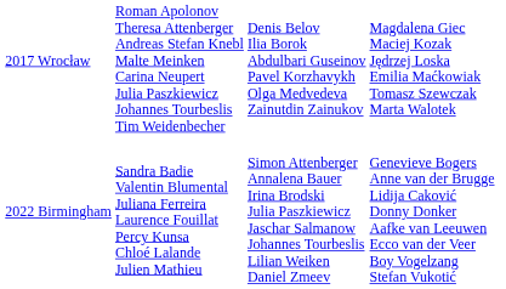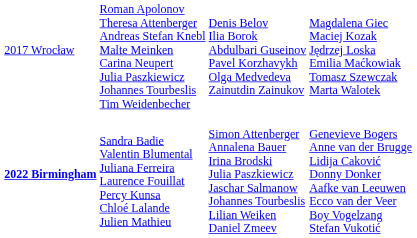 <table>
 <tr>
 <td><a href='#'>2017 Wrocław</a></td>
 <td><br><a href='#'>Roman Apolonov</a><br><a href='#'>Theresa Attenberger</a><br><a href='#'>Andreas Stefan Knebl</a><br><a href='#'>Malte Meinken</a><br><a href='#'>Carina Neupert</a><br><a href='#'>Julia Paszkiewicz</a><br><a href='#'>Johannes Tourbeslis</a><br><a href='#'>Tim Weidenbecher</a></td>
 <td><br><a href='#'>Denis Belov</a><br><a href='#'>Ilia Borok</a><br><a href='#'>Abdulbari Guseinov</a><br><a href='#'>Pavel Korzhavykh</a><br><a href='#'>Olga Medvedeva</a><br><a href='#'>Zainutdin Zainukov</a></td>
 <td><br><a href='#'>Magdalena Giec</a><br><a href='#'>Maciej Kozak</a><br><a href='#'>Jędrzej Loska</a><br><a href='#'>Emilia Maćkowiak</a><br><a href='#'>Tomasz Szewczak</a><br><a href='#'>Marta Walotek</a></td>
 </tr>
 <tr>
-<td><a href='#'>2022 Birmingham</a></td>
+<td><strong><a href='#'>2022 Birmingham</a></strong></td>
 <td><br><a href='#'>Sandra Badie</a><br><a href='#'>Valentin Blumental</a><br><a href='#'>Juliana Ferreira</a><br><a href='#'>Laurence Fouillat</a><br><a href='#'>Percy Kunsa</a><br><a href='#'>Chloé Lalande</a><br><a href='#'>Julien Mathieu</a></td>
 <td><br><a href='#'>Simon Attenberger</a><br><a href='#'>Annalena Bauer</a><br><a href='#'>Irina Brodski</a><br><a href='#'>Julia Paszkiewicz</a><br><a href='#'>Jaschar Salmanow</a><br><a href='#'>Johannes Tourbeslis</a><br><a href='#'>Lilian Weiken</a><br><a href='#'>Daniel Zmeev</a></td>
 <td><br><a href='#'>Genevieve Bogers</a><br><a href='#'>Anne van der Brugge</a><br><a href='#'>Lidija Caković</a><br><a href='#'>Donny Donker</a><br><a href='#'>Aafke van Leeuwen</a><br><a href='#'>Ecco van der Veer</a><br><a href='#'>Boy Vogelzang</a><br><a href='#'>Stefan Vukotić</a></td>
 </tr>
 </table>
